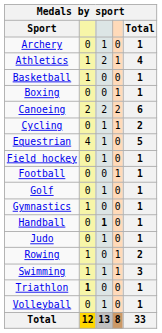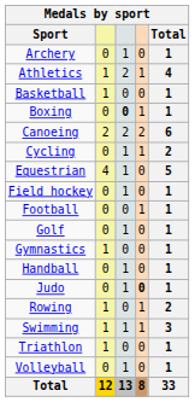 <table class="wikitable" style="font-size:85%">
 <tr style="background:#efefef;">
 <th colspan=7>Medals by sport</th>
 </tr>
 <tr align=center>
 <th>Sport</th>
 <td bgcolor=#f7f6a8></td>
 <td bgcolor=#dce5e5></td>
 <td bgcolor=#ffdab9></td>
 <th>Total</th>
 </tr>
 <tr align=center>
 <td><a href='#'>Archery</a></td>
 <td style="background:#F7F6A8;">0</td>
 <td style="background:#DCE5E5;">1</td>
 <td style="background:#FFDAB9;">0</td>
 <th>1</th>
 </tr>
 <tr align=center>
 <td><a href='#'>Athletics</a></td>
 <td style="background:#F7F6A8;">1</td>
 <td style="background:#DCE5E5;">2</td>
 <td style="background:#FFDAB9;">1</td>
 <th>4</th>
 </tr>
 <tr align=center>
 <td><a href='#'>Basketball</a></td>
 <td style="background:#F7F6A8;">1</td>
 <td style="background:#DCE5E5;">0</td>
 <td style="background:#FFDAB9;">0</td>
 <th>1</th>
 </tr>
 <tr align=center>
 <td><a href='#'>Boxing</a></td>
 <td style="background:#F7F6A8;">0</td>
-<td style="background:#DCE5E5;">0</td>
+<td style="background:#DCE5E5;"><strong>0</strong></td>
 <td style="background:#FFDAB9;">1</td>
 <th>1</th>
 </tr>
 <tr align=center>
 <td><a href='#'>Canoeing</a></td>
 <td style="background:#F7F6A8;">2</td>
 <td style="background:#DCE5E5;">2</td>
 <td style="background:#FFDAB9;">2</td>
 <th>6</th>
 </tr>
 <tr align=center>
 <td><a href='#'>Cycling</a></td>
 <td style="background:#F7F6A8;">0</td>
 <td style="background:#DCE5E5;">1</td>
 <td style="background:#FFDAB9;">1</td>
 <th>2</th>
 </tr>
 <tr align=center>
 <td><a href='#'>Equestrian</a></td>
 <td style="background:#F7F6A8;">4</td>
 <td style="background:#DCE5E5;">1</td>
 <td style="background:#FFDAB9;">0</td>
 <th>5</th>
 </tr>
 <tr align=center>
 <td><a href='#'>Field hockey</a></td>
 <td style="background:#F7F6A8;">0</td>
 <td style="background:#DCE5E5;">1</td>
 <td style="background:#FFDAB9;">0</td>
 <th>1</th>
 </tr>
 <tr align=center>
 <td><a href='#'>Football</a></td>
 <td style="background:#F7F6A8;">0</td>
 <td style="background:#DCE5E5;">0</td>
 <td style="background:#FFDAB9;">1</td>
 <th>1</th>
 </tr>
 <tr align=center>
 <td><a href='#'>Golf</a></td>
 <td style="background:#F7F6A8;">0</td>
 <td style="background:#DCE5E5;">1</td>
 <td style="background:#FFDAB9;">0</td>
 <th>1</th>
 </tr>
 <tr align=center>
 <td><a href='#'>Gymnastics</a></td>
 <td style="background:#F7F6A8;">1</td>
 <td style="background:#DCE5E5;">0</td>
 <td style="background:#FFDAB9;">0</td>
 <th>1</th>
 </tr>
 <tr align=center>
 <td><a href='#'>Handball</a></td>
 <td style="background:#F7F6A8;">0</td>
-<td style="background:#DCE5E5;"><strong>1</strong></td>
+<td style="background:#DCE5E5;">1</td>
 <td style="background:#FFDAB9;">0</td>
 <th>1</th>
 </tr>
 <tr align=center>
 <td><a href='#'>Judo</a></td>
 <td style="background:#F7F6A8;">0</td>
 <td style="background:#DCE5E5;">1</td>
-<td style="background:#FFDAB9;">0</td>
+<td style="background:#FFDAB9;"><strong>0</strong></td>
 <th>1</th>
 </tr>
 <tr align=center>
 <td><a href='#'>Rowing</a></td>
 <td style="background:#F7F6A8;">1</td>
 <td style="background:#DCE5E5;">0</td>
 <td style="background:#FFDAB9;">1</td>
 <th>2</th>
 </tr>
 <tr align=center>
 <td><a href='#'>Swimming</a></td>
 <td style="background:#F7F6A8;">1</td>
 <td style="background:#DCE5E5;">1</td>
 <td style="background:#FFDAB9;">1</td>
 <th>3</th>
 </tr>
 <tr align=center>
 <td><a href='#'>Triathlon</a></td>
-<td style="background:#F7F6A8;"><strong>1</strong></td>
+<td style="background:#F7F6A8;">1</td>
 <td style="background:#DCE5E5;">0</td>
 <td style="background:#FFDAB9;">0</td>
 <th>1</th>
 </tr>
 <tr align=center>
 <td><a href='#'>Volleyball</a></td>
 <td style="background:#F7F6A8;">0</td>
 <td style="background:#DCE5E5;">1</td>
 <td style="background:#FFDAB9;">0</td>
 <th>1</th>
 </tr>
 <tr align=center>
 <th>Total</th>
 <th style="background:gold;">12</th>
 <th style="background:silver;">13</th>
 <th style="background:#c96;">8</th>
 <th>33</th>
 </tr>
 </table>
